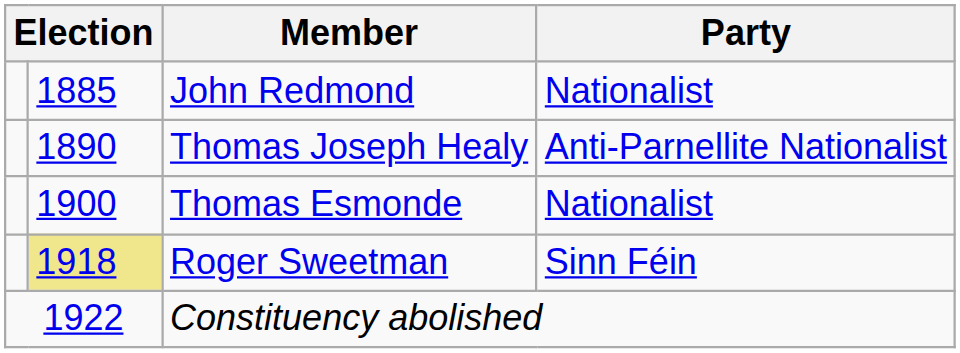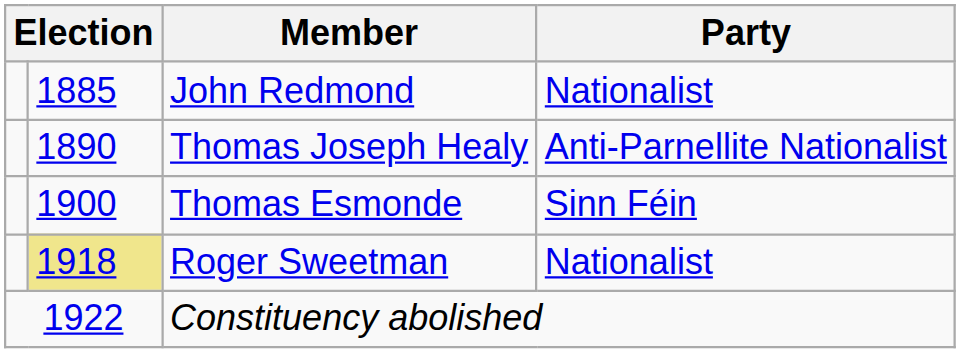 <table class="wikitable">
 <tr>
 <th colspan="2">Election</th>
 <th>Member</th>
 <th>Party</th>
 </tr>
 <tr>
 <td style="color:inherit;background-color: "></td>
 <td><a href='#'>1885</a></td>
 <td><a href='#'>John Redmond</a></td>
 <td><a href='#'>Nationalist</a></td>
 </tr>
 <tr>
 <td style="color:inherit;background-color: "></td>
 <td><a href='#'>1890</a></td>
 <td><a href='#'>Thomas Joseph Healy</a></td>
 <td><a href='#'>Anti-Parnellite Nationalist</a></td>
 </tr>
 <tr>
 <td style="color:inherit;background-color: "></td>
 <td><a href='#'>1900</a></td>
 <td><a href='#'>Thomas Esmonde</a></td>
-<td><a href='#'>Nationalist</a></td>
+<td><a href='#'>Sinn Féin</a></td>
 </tr>
 <tr>
 <td style="color:inherit;background-color: "></td>
 <td style="background: khaki;"><a href='#'>1918</a></td>
 <td><a href='#'>Roger Sweetman</a></td>
-<td><a href='#'>Sinn Féin</a></td>
+<td><a href='#'>Nationalist</a></td>
 </tr>
 <tr>
 <td colspan="2" align="center"><a href='#'>1922</a></td>
 <td colspan="2"><em>Constituency abolished</em></td>
 </tr>
 </table>
